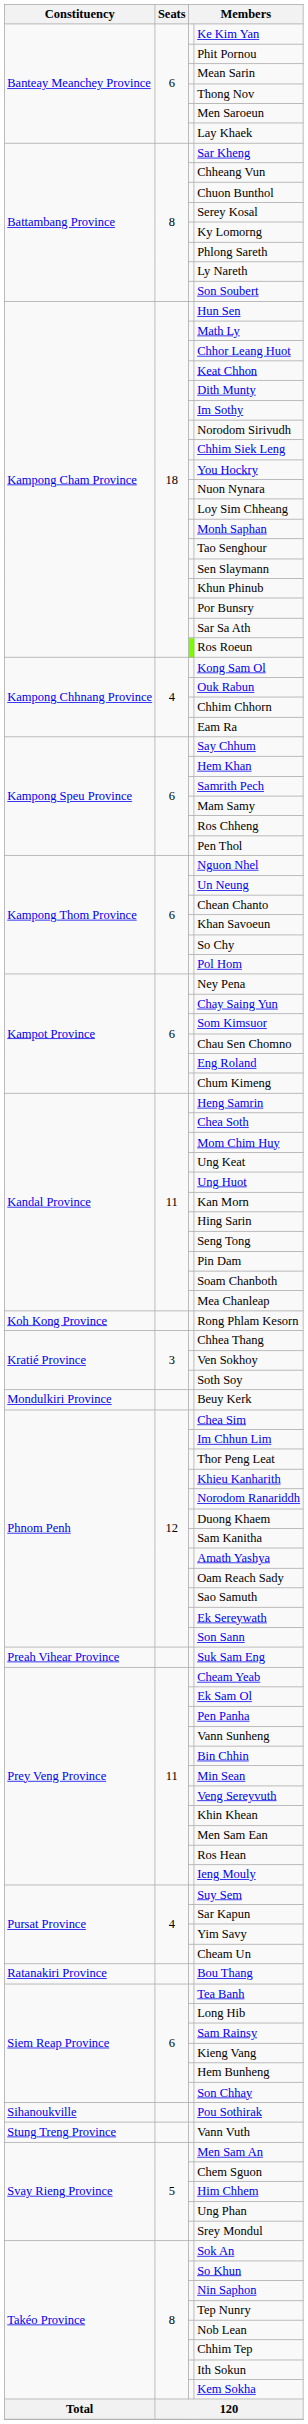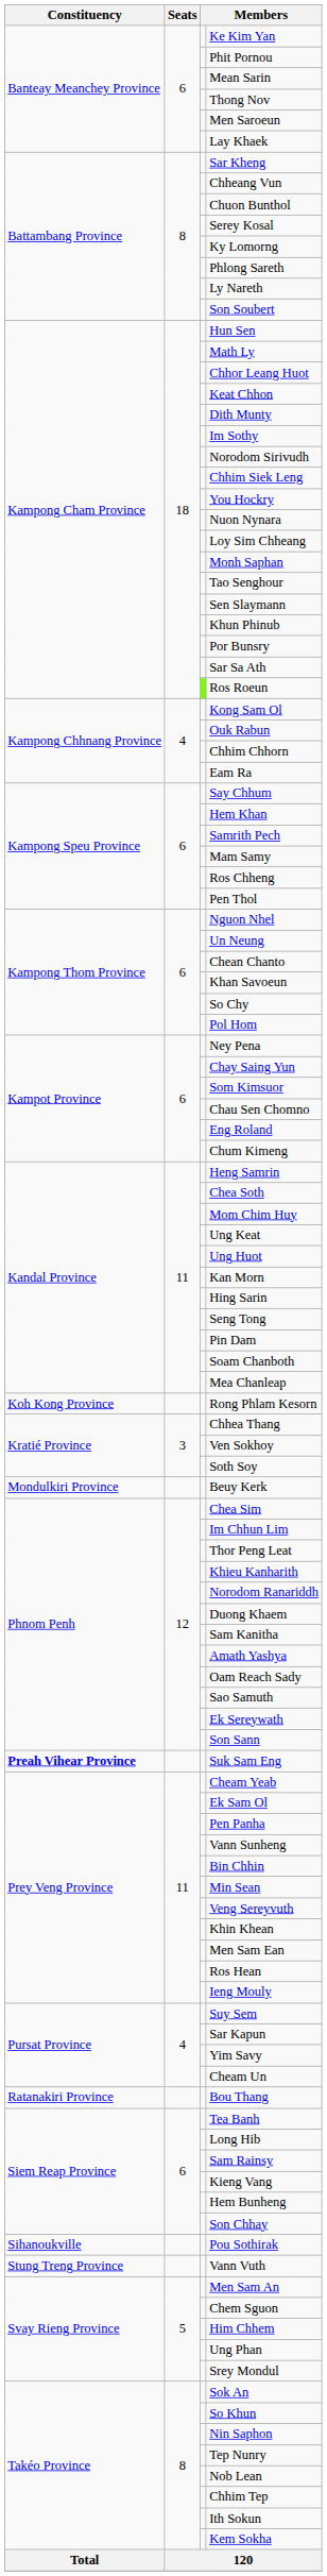 <table class=wikitable>
 <tr>
 <th>Constituency</th>
 <th>Seats</th>
 <th colspan="2">Members</th>
 </tr>
 <tr>
 <td rowspan="6"><a href='#'>Banteay Meanchey Province</a></td>
 <td rowspan="6" style="text-align:center">6</td>
 <td style="background-color:"></td>
 <td><a href='#'>Ke Kim Yan</a></td>
 </tr>
 <tr>
 <td style="background-color:"></td>
 <td>Phit Pornou</td>
 </tr>
 <tr>
 <td style="background-color:"></td>
 <td>Mean Sarin</td>
 </tr>
 <tr>
 <td style="background-color:"></td>
 <td>Thong Nov</td>
 </tr>
 <tr>
 <td style="background-color:"></td>
 <td>Men Saroeun</td>
 </tr>
 <tr>
 <td style="background-color:"></td>
 <td>Lay Khaek</td>
 </tr>
 <tr>
 <td rowspan="8"><a href='#'>Battambang Province</a></td>
 <td rowspan="8" style="text-align:center">8</td>
 <td style="background-color:"></td>
 <td><a href='#'>Sar Kheng</a></td>
 </tr>
 <tr>
 <td style="background-color:"></td>
 <td>Chheang Vun</td>
 </tr>
 <tr>
 <td style="background-color:"></td>
 <td>Chuon Bunthol</td>
 </tr>
 <tr>
 <td style="background-color:"></td>
 <td>Serey Kosal</td>
 </tr>
 <tr>
 <td style="background-color:"></td>
 <td>Ky Lomorng</td>
 </tr>
 <tr>
 <td style="background-color:"></td>
 <td>Phlong Sareth</td>
 </tr>
 <tr>
 <td style="background-color:"></td>
 <td>Ly Nareth</td>
 </tr>
 <tr>
 <td style="background-color:"></td>
 <td><a href='#'>Son Soubert</a></td>
 </tr>
 <tr>
 <td rowspan="18"><a href='#'>Kampong Cham Province</a></td>
 <td rowspan="18" style="text-align:center">18</td>
 <td style="background-color:"></td>
 <td><a href='#'>Hun Sen</a></td>
 </tr>
 <tr>
 <td style="background-color:"></td>
 <td><a href='#'>Math Ly</a></td>
 </tr>
 <tr>
 <td style="background-color:"></td>
 <td><a href='#'>Chhor Leang Huot</a></td>
 </tr>
 <tr>
 <td style="background-color:"></td>
 <td><a href='#'>Keat Chhon</a></td>
 </tr>
 <tr>
 <td style="background-color:"></td>
 <td><a href='#'>Dith Munty</a></td>
 </tr>
 <tr>
 <td style="background-color:"></td>
 <td><a href='#'>Im Sothy</a></td>
 </tr>
 <tr>
 <td style="background-color:"></td>
 <td>Norodom Sirivudh</td>
 </tr>
 <tr>
 <td style="background-color:"></td>
 <td><a href='#'>Chhim Siek Leng</a></td>
 </tr>
 <tr>
 <td style="background-color:"></td>
 <td><a href='#'>You Hockry</a></td>
 </tr>
 <tr>
 <td style="background-color:"></td>
 <td>Nuon Nynara</td>
 </tr>
 <tr>
 <td style="background-color:"></td>
 <td>Loy Sim Chheang</td>
 </tr>
 <tr>
 <td style="background-color:"></td>
 <td><a href='#'>Monh Saphan</a></td>
 </tr>
 <tr>
 <td style="background-color:"></td>
 <td>Tao Senghour</td>
 </tr>
 <tr>
 <td style="background-color:"></td>
 <td>Sen Slaymann</td>
 </tr>
 <tr>
 <td style="background-color:"></td>
 <td>Khun Phinub</td>
 </tr>
 <tr>
 <td style="background-color:"></td>
 <td>Por Bunsry</td>
 </tr>
 <tr>
 <td style="background-color:"></td>
 <td>Sar Sa Ath</td>
 </tr>
 <tr>
 <td style="background-color:#7CFC00"></td>
 <td>Ros Roeun</td>
 </tr>
 <tr>
 <td rowspan="4"><a href='#'>Kampong Chhnang Province</a></td>
 <td rowspan="4" style="text-align:center">4</td>
 <td style="background-color:"></td>
 <td><a href='#'>Kong Sam Ol</a></td>
 </tr>
 <tr>
 <td style="background-color:"></td>
 <td><a href='#'>Ouk Rabun</a></td>
 </tr>
 <tr>
 <td style="background-color:"></td>
 <td>Chhim Chhorn</td>
 </tr>
 <tr>
 <td style="background-color:"></td>
 <td>Eam Ra</td>
 </tr>
 <tr>
 <td rowspan="6"><a href='#'>Kampong Speu Province</a></td>
 <td rowspan="6" style="text-align:center">6</td>
 <td style="background-color:"></td>
 <td><a href='#'>Say Chhum</a></td>
 </tr>
 <tr>
 <td style="background-color:"></td>
 <td><a href='#'>Hem Khan</a></td>
 </tr>
 <tr>
 <td style="background-color:"></td>
 <td><a href='#'>Samrith Pech</a></td>
 </tr>
 <tr>
 <td style="background-color:"></td>
 <td>Mam Samy</td>
 </tr>
 <tr>
 <td style="background-color:"></td>
 <td>Ros Chheng</td>
 </tr>
 <tr>
 <td style="background-color:"></td>
 <td>Pen Thol</td>
 </tr>
 <tr>
 <td rowspan="6"><a href='#'>Kampong Thom Province</a></td>
 <td rowspan="6" style="text-align:center">6</td>
 <td style="background-color:"></td>
 <td><a href='#'>Nguon Nhel</a></td>
 </tr>
 <tr>
 <td style="background-color:"></td>
 <td><a href='#'>Un Neung</a></td>
 </tr>
 <tr>
 <td style="background-color:"></td>
 <td>Chean Chanto</td>
 </tr>
 <tr>
 <td style="background-color:"></td>
 <td>Khan Savoeun</td>
 </tr>
 <tr>
 <td style="background-color:"></td>
 <td>So Chy</td>
 </tr>
 <tr>
 <td style="background-color:"></td>
 <td><a href='#'>Pol Hom</a></td>
 </tr>
 <tr>
 <td rowspan="6"><a href='#'>Kampot Province</a></td>
 <td rowspan="6" style="text-align:center">6</td>
 <td style="background-color:"></td>
 <td>Ney Pena</td>
 </tr>
 <tr>
 <td style="background-color:"></td>
 <td><a href='#'>Chay Saing Yun</a></td>
 </tr>
 <tr>
 <td style="background-color:"></td>
 <td><a href='#'>Som Kimsuor</a></td>
 </tr>
 <tr>
 <td style="background-color:"></td>
 <td>Chau Sen Chomno</td>
 </tr>
 <tr>
 <td style="background-color:"></td>
 <td><a href='#'>Eng Roland</a></td>
 </tr>
 <tr>
 <td style="background-color:"></td>
 <td>Chum Kimeng</td>
 </tr>
 <tr>
 <td rowspan="11"><a href='#'>Kandal Province</a></td>
 <td rowspan="11" style="text-align:center">11</td>
 <td style="background-color:"></td>
 <td><a href='#'>Heng Samrin</a></td>
 </tr>
 <tr>
 <td style="background-color:"></td>
 <td><a href='#'>Chea Soth</a></td>
 </tr>
 <tr>
 <td style="background-color:"></td>
 <td><a href='#'>Mom Chim Huy</a></td>
 </tr>
 <tr>
 <td style="background-color:"></td>
 <td>Ung Keat</td>
 </tr>
 <tr>
 <td style="background-color:"></td>
 <td><a href='#'>Ung Huot</a></td>
 </tr>
 <tr>
 <td style="background-color:"></td>
 <td>Kan Morn</td>
 </tr>
 <tr>
 <td style="background-color:"></td>
 <td>Hing Sarin</td>
 </tr>
 <tr>
 <td style="background-color:"></td>
 <td>Seng Tong</td>
 </tr>
 <tr>
 <td style="background-color:"></td>
 <td>Pin Dam</td>
 </tr>
 <tr>
 <td style="background-color:"></td>
 <td>Soam Chanboth</td>
 </tr>
 <tr>
 <td style="background-color:"></td>
 <td>Mea Chanleap</td>
 </tr>
 <tr>
 <td><a href='#'>Koh Kong Province</a></td>
 <td></td>
 <td style="background-color:"></td>
 <td>Rong Phlam Kesorn</td>
 </tr>
 <tr>
 <td rowspan="3"><a href='#'>Kratié Province</a></td>
 <td rowspan="3" style="text-align:center">3</td>
 <td style="background-color:"></td>
 <td>Chhea Thang</td>
 </tr>
 <tr>
 <td style="background-color:"></td>
 <td>Ven Sokhoy</td>
 </tr>
 <tr>
 <td style="background-color:"></td>
 <td>Soth Soy</td>
 </tr>
 <tr>
 <td><a href='#'>Mondulkiri Province</a></td>
 <td></td>
 <td style="background-color:"></td>
 <td>Beuy Kerk</td>
 </tr>
 <tr>
 <td rowspan="12"><a href='#'>Phnom Penh</a></td>
 <td rowspan="12" style="text-align:center">12</td>
 <td style="background-color:"></td>
 <td><a href='#'>Chea Sim</a></td>
 </tr>
 <tr>
 <td style="background-color:"></td>
 <td><a href='#'>Im Chhun Lim</a></td>
 </tr>
 <tr>
 <td style="background-color:"></td>
 <td>Thor Peng Leat</td>
 </tr>
 <tr>
 <td style="background-color:"></td>
 <td><a href='#'>Khieu Kanharith</a></td>
 </tr>
 <tr>
 <td style="background-color:"></td>
 <td><a href='#'>Norodom Ranariddh</a></td>
 </tr>
 <tr>
 <td style="background-color:"></td>
 <td>Duong Khaem</td>
 </tr>
 <tr>
 <td style="background-color:"></td>
 <td>Sam Kanitha</td>
 </tr>
 <tr>
 <td style="background-color:"></td>
 <td><a href='#'>Amath Yashya</a></td>
 </tr>
 <tr>
 <td style="background-color:"></td>
 <td>Oam Reach Sady</td>
 </tr>
 <tr>
 <td style="background-color:"></td>
 <td>Sao Samuth</td>
 </tr>
 <tr>
 <td style="background-color:"></td>
 <td><a href='#'>Ek Sereywath</a></td>
 </tr>
 <tr>
 <td style="background-color:"></td>
 <td><a href='#'>Son Sann</a></td>
 </tr>
 <tr>
-<td><a href='#'>Preah Vihear Province</a></td>
+<td><strong><a href='#'>Preah Vihear Province</a></strong></td>
 <td></td>
 <td style="background-color:"></td>
 <td><a href='#'>Suk Sam Eng</a></td>
 </tr>
 <tr>
 <td rowspan="11"><a href='#'>Prey Veng Province</a></td>
 <td rowspan="11" style="text-align:center">11</td>
 <td style="background-color:"></td>
 <td><a href='#'>Cheam Yeab</a></td>
 </tr>
 <tr>
 <td style="background-color:"></td>
 <td><a href='#'>Ek Sam Ol</a></td>
 </tr>
 <tr>
 <td style="background-color:"></td>
 <td><a href='#'>Pen Panha</a></td>
 </tr>
 <tr>
 <td style="background-color:"></td>
 <td>Vann Sunheng</td>
 </tr>
 <tr>
 <td style="background-color:"></td>
 <td><a href='#'>Bin Chhin</a></td>
 </tr>
 <tr>
 <td style="background-color:"></td>
 <td><a href='#'>Min Sean</a></td>
 </tr>
 <tr>
 <td style="background-color:"></td>
 <td><a href='#'>Veng Sereyvuth</a></td>
 </tr>
 <tr>
 <td style="background-color:"></td>
 <td>Khin Khean</td>
 </tr>
 <tr>
 <td style="background-color:"></td>
 <td>Men Sam Ean</td>
 </tr>
 <tr>
 <td style="background-color:"></td>
 <td>Ros Hean</td>
 </tr>
 <tr>
 <td style="background-color:"></td>
 <td><a href='#'>Ieng Mouly</a></td>
 </tr>
 <tr>
 <td rowspan="4"><a href='#'>Pursat Province</a></td>
 <td rowspan="4" style="text-align:center">4</td>
 <td style="background-color:"></td>
 <td><a href='#'>Suy Sem</a></td>
 </tr>
 <tr>
 <td style="background-color:"></td>
 <td>Sar Kapun</td>
 </tr>
 <tr>
 <td style="background-color:"></td>
 <td>Yim Savy</td>
 </tr>
 <tr>
 <td style="background-color:"></td>
 <td>Cheam Un</td>
 </tr>
 <tr>
 <td><a href='#'>Ratanakiri Province</a></td>
 <td></td>
 <td style="background-color:"></td>
 <td><a href='#'>Bou Thang</a></td>
 </tr>
 <tr>
 <td rowspan="6"><a href='#'>Siem Reap Province</a></td>
 <td rowspan="6" style="text-align:center">6</td>
 <td style="background-color:"></td>
 <td><a href='#'>Tea Banh</a></td>
 </tr>
 <tr>
 <td style="background-color:"></td>
 <td>Long Hib</td>
 </tr>
 <tr>
 <td style="background-color:"></td>
 <td><a href='#'>Sam Rainsy</a></td>
 </tr>
 <tr>
 <td style="background-color:"></td>
 <td>Kieng Vang</td>
 </tr>
 <tr>
 <td style="background-color:"></td>
 <td>Hem Bunheng</td>
 </tr>
 <tr>
 <td style="background-color:"></td>
 <td><a href='#'>Son Chhay</a></td>
 </tr>
 <tr>
 <td><a href='#'>Sihanoukville</a></td>
 <td></td>
 <td style="background-color:"></td>
 <td><a href='#'>Pou Sothirak</a></td>
 </tr>
 <tr>
 <td><a href='#'>Stung Treng Province</a></td>
 <td></td>
 <td style="background-color:"></td>
 <td>Vann Vuth</td>
 </tr>
 <tr>
 <td rowspan="5"><a href='#'>Svay Rieng Province</a></td>
 <td rowspan="5" style="text-align:center">5</td>
 <td style="background-color:"></td>
 <td><a href='#'>Men Sam An</a></td>
 </tr>
 <tr>
 <td style="background-color:"></td>
 <td>Chem Sguon</td>
 </tr>
 <tr>
 <td style="background-color:"></td>
 <td><a href='#'>Him Chhem</a></td>
 </tr>
 <tr>
 <td style="background-color:"></td>
 <td>Ung Phan</td>
 </tr>
 <tr>
 <td style="background-color:"></td>
 <td>Srey Mondul</td>
 </tr>
 <tr>
 <td rowspan="8"><a href='#'>Takéo Province</a></td>
 <td rowspan="8" style="text-align:center">8</td>
 <td style="background-color:"></td>
 <td><a href='#'>Sok An</a></td>
 </tr>
 <tr>
 <td style="background-color:"></td>
 <td><a href='#'>So Khun</a></td>
 </tr>
 <tr>
 <td style="background-color:"></td>
 <td><a href='#'>Nin Saphon</a></td>
 </tr>
 <tr>
 <td style="background-color:"></td>
 <td>Tep Nunry</td>
 </tr>
 <tr>
 <td style="background-color:"></td>
 <td>Nob Lean</td>
 </tr>
 <tr>
 <td style="background-color:"></td>
 <td>Chhim Tep</td>
 </tr>
 <tr>
 <td style="background-color:"></td>
 <td>Ith Sokun</td>
 </tr>
 <tr>
 <td style="background-color:"></td>
 <td><a href='#'>Kem Sokha</a></td>
 </tr>
 <tr>
 <th>Total</th>
 <th colspan="3">120</th>
 </tr>
 <tr>
 </tr>
 </table>
